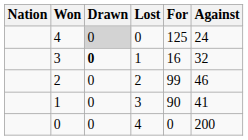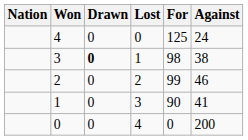 <table class="wikitable">
 <tr>
 <th>Nation</th>
 <th>Won</th>
 <th>Drawn</th>
 <th>Lost</th>
 <th>For</th>
 <th>Against</th>
 </tr>
 <tr>
 <td></td>
 <td>4</td>
-<td style="background: lightgrey;">0</td>
+<td>0</td>
 <td>0</td>
 <td>125</td>
 <td>24</td>
 </tr>
 <tr>
 <td></td>
 <td>3</td>
 <td><strong>0</strong></td>
 <td>1</td>
-<td>16</td>
-<td>32</td>
+<td>98</td>
+<td>38</td>
 </tr>
 <tr>
 <td></td>
 <td>2</td>
 <td>0</td>
 <td>2</td>
 <td>99</td>
 <td>46</td>
 </tr>
 <tr>
 <td></td>
 <td>1</td>
 <td>0</td>
 <td>3</td>
 <td>90</td>
 <td>41</td>
 </tr>
 <tr>
 <td></td>
 <td>0</td>
 <td>0</td>
 <td>4</td>
 <td>0</td>
 <td>200</td>
 </tr>
 </table>
